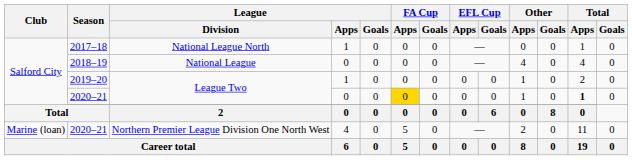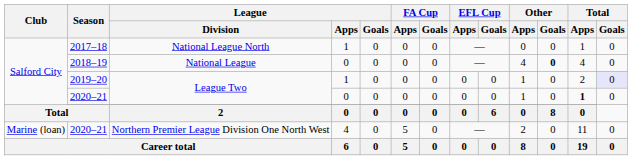 <table class="wikitable" style="text-align:center">
 <tr>
 <th rowspan="2">Club</th>
 <th rowspan="2">Season</th>
 <th colspan="3">League</th>
 <th colspan="2"><a href='#'>FA Cup</a></th>
 <th colspan="2"><a href='#'>EFL Cup</a></th>
 <th colspan="2">Other</th>
 <th colspan="2">Total</th>
 </tr>
 <tr>
 <th>Division</th>
 <th>Apps</th>
 <th>Goals</th>
 <th>Apps</th>
 <th>Goals</th>
 <th>Apps</th>
 <th>Goals</th>
 <th>Apps</th>
 <th>Goals</th>
 <th>Apps</th>
 <th>Goals</th>
 </tr>
 <tr>
 <td rowspan="5"><a href='#'>Salford City</a></td>
 <td><a href='#'>2017–18</a></td>
 <td><a href='#'>National League North</a></td>
 <td>1</td>
 <td>0</td>
 <td>0</td>
 <td>0</td>
 <td colspan="2">—</td>
 <td>0</td>
 <td>0</td>
 <td>1</td>
 <td>0</td>
 </tr>
 <tr>
 <td><a href='#'>2018–19</a></td>
 <td><a href='#'>National League</a></td>
 <td>0</td>
 <td>0</td>
 <td>0</td>
 <td>0</td>
 <td colspan="2">—</td>
 <td>4</td>
-<td>0</td>
+<td><strong>0</strong></td>
 <td>4</td>
 <td>0</td>
 </tr>
 <tr>
 <td><a href='#'>2019–20</a></td>
 <td rowspan="2"><a href='#'>League Two</a></td>
 <td>1</td>
 <td>0</td>
 <td>0</td>
 <td>0</td>
 <td>0</td>
 <td>0</td>
 <td>1</td>
 <td>0</td>
 <td>2</td>
-<td>0</td>
+<td style="background: lavender;">0</td>
 </tr>
 <tr>
 <td><a href='#'>2020–21</a></td>
 <td>0</td>
 <td>0</td>
-<td style="background: gold;">0</td>
+<td>0</td>
 <td>0</td>
 <td>0</td>
 <td>0</td>
 <td>1</td>
 <td>0</td>
 <td><strong>1</strong></td>
 <td>0</td>
 </tr>
 <tr>
 </tr>
 <tr style="font-weight:bold; background:#f3f3f3">
 <td colspan="2">Total</td>
 <th>2</th>
 <th>0</th>
 <th>0</th>
 <th>0</th>
 <th>0</th>
 <th>0</th>
 <th>6</th>
 <th>0</th>
 <th>8</th>
 <th>0</th>
 </tr>
 <tr>
 <td><a href='#'>Marine</a> (loan)</td>
 <td><a href='#'>2020–21</a></td>
 <td><a href='#'>Northern Premier League</a> Division One North West</td>
 <td>4</td>
 <td>0</td>
 <td>5</td>
 <td>0</td>
 <td colspan="2">—</td>
 <td>2</td>
 <td>0</td>
 <td>11</td>
 <td>0</td>
 </tr>
 <tr>
 <th colspan="3">Career total</th>
 <th>6</th>
 <th>0</th>
 <th>5</th>
 <th>0</th>
 <th>0</th>
 <th>0</th>
 <th>8</th>
 <th>0</th>
 <th>19</th>
 <th>0</th>
 </tr>
 </table>
